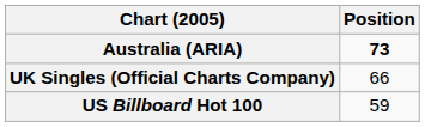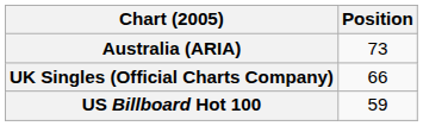 <table class="wikitable sortable plainrowheaders" style="text-align:center;">
 <tr>
 <th>Chart (2005)</th>
 <th>Position</th>
 </tr>
 <tr>
 <th scope="row">Australia (ARIA)</th>
-<td><strong>73</strong></td>
+<td>73</td>
 </tr>
 <tr>
 <th scope="row">UK Singles (Official Charts Company)</th>
 <td>66</td>
 </tr>
 <tr>
 <th scope="row">US <em>Billboard</em> Hot 100</th>
 <td>59</td>
 </tr>
 </table>
